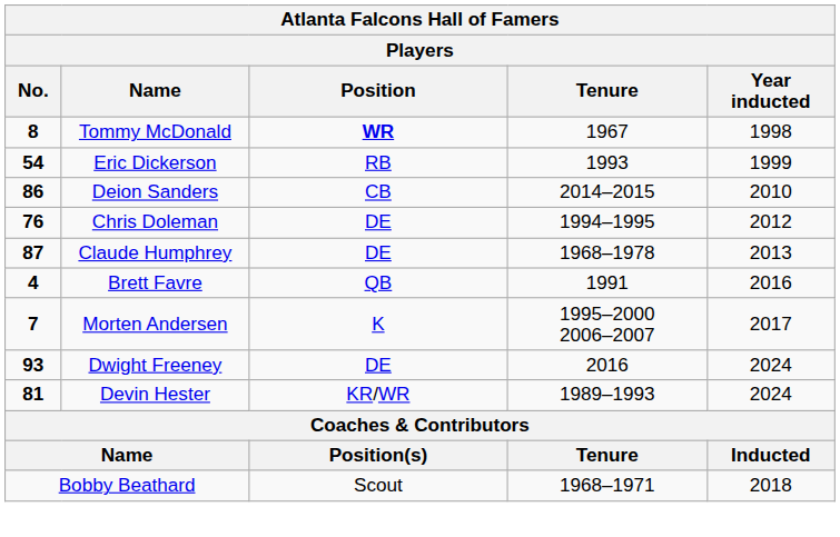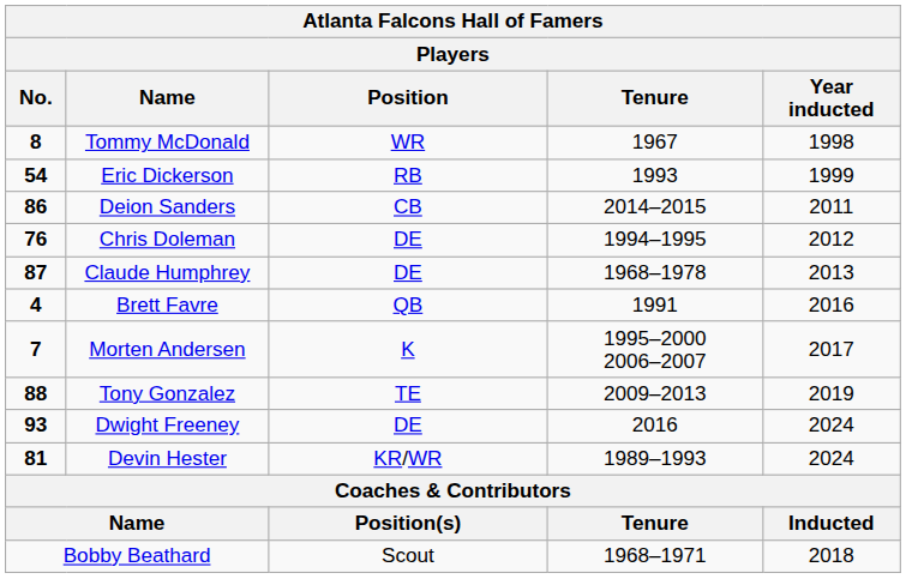 <table class="wikitable" style="text-align:center">
 <tr>
 <th colspan="5">Atlanta Falcons Hall of Famers</th>
 </tr>
 <tr>
 <th colspan="5">Players</th>
 </tr>
 <tr>
 <th style="width:40px;">No.</th>
 <th style="width:150px;">Name</th>
 <th style="width:80px;">Position</th>
 <th style="width:100px;">Tenure</th>
 <th style="width:100px;">Year inducted</th>
 </tr>
 <tr>
 <td><strong>8</strong></td>
 <td><a href='#'>Tommy McDonald</a></td>
-<td><strong><a href='#'>WR</a></strong></td>
+<td><a href='#'>WR</a></td>
 <td>1967</td>
 <td>1998</td>
 </tr>
 <tr>
 <td><strong>54</strong></td>
 <td><a href='#'>Eric Dickerson</a></td>
 <td><a href='#'>RB</a></td>
 <td>1993</td>
 <td>1999</td>
 </tr>
 <tr>
 <td><strong>86</strong></td>
 <td><a href='#'>Deion Sanders</a></td>
 <td><a href='#'>CB</a></td>
 <td>2014–2015</td>
-<td>2010</td>
+<td>2011</td>
 </tr>
 <tr>
 <td><strong>76</strong></td>
 <td><a href='#'>Chris Doleman</a></td>
 <td><a href='#'>DE</a></td>
 <td>1994–1995</td>
 <td>2012</td>
 </tr>
 <tr>
 <td><strong>87</strong></td>
 <td><a href='#'>Claude Humphrey</a></td>
 <td><a href='#'>DE</a></td>
 <td>1968–1978</td>
 <td>2013</td>
 </tr>
 <tr>
 <td><strong>4</strong></td>
 <td><a href='#'>Brett Favre</a></td>
 <td><a href='#'>QB</a></td>
 <td>1991</td>
 <td>2016</td>
 </tr>
 <tr>
 <td><strong>7</strong></td>
 <td><a href='#'>Morten Andersen</a></td>
 <td><a href='#'>K</a></td>
 <td>1995–2000<br>2006–2007</td>
 <td>2017</td>
+</tr>
+<tr>
+<td><strong>88</strong></td>
+<td><a href='#'>Tony Gonzalez</a></td>
+<td><a href='#'>TE</a></td>
+<td>2009–2013</td>
+<td>2019</td>
 </tr>
 <tr>
 <td><strong>93</strong></td>
 <td><a href='#'>Dwight Freeney</a></td>
 <td><a href='#'>DE</a></td>
 <td>2016</td>
 <td>2024</td>
 </tr>
 <tr>
 <td><strong>81</strong></td>
 <td><a href='#'>Devin Hester</a></td>
 <td><a href='#'>KR</a>/<a href='#'>WR</a></td>
 <td>1989–1993</td>
 <td>2024</td>
 </tr>
 <tr>
 <th colspan="5">Coaches & Contributors</th>
 </tr>
 <tr>
 <th style="width:130px;" colspan=2>Name</th>
 <th style="width:210px;">Position(s)</th>
 <th style="width:160px;">Tenure</th>
 <th style="width:50px;">Inducted</th>
 </tr>
 <tr>
 <td colspan=2><a href='#'>Bobby Beathard</a></td>
 <td>Scout</td>
 <td>1968–1971</td>
 <td>2018</td>
 </tr>
 </table>
